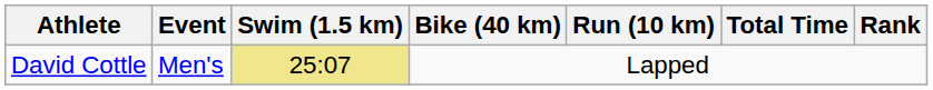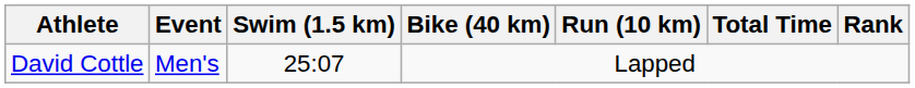 <table class="wikitable" style="font-size:90%">
 <tr>
 <th>Athlete</th>
 <th>Event</th>
 <th>Swim (1.5 km)</th>
 <th>Bike (40 km)</th>
 <th>Run (10 km)</th>
 <th>Total Time</th>
 <th>Rank</th>
 </tr>
 <tr align=center>
 <td align=left><a href='#'>David Cottle</a></td>
 <td align=left rowspan=2><a href='#'>Men's</a></td>
-<td style="background: khaki;">25:07</td>
+<td>25:07</td>
 <td colspan=4>Lapped</td>
 </tr>
 </table>
